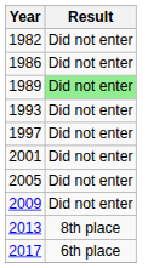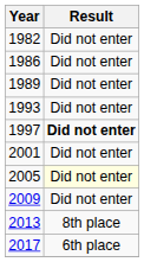 <table class="wikitable"  style="text-align:center;">
 <tr style="background:#cccccc;">
 <th>Year</th>
 <th>Result</th>
 </tr>
 <tr>
 <td> 1982</td>
 <td>Did not enter</td>
 </tr>
 <tr>
 <td> 1986</td>
 <td>Did not enter</td>
 </tr>
 <tr>
 <td> 1989</td>
-<td style="background: lightgreen;">Did not enter</td>
+<td>Did not enter</td>
 </tr>
 <tr>
 <td> 1993</td>
 <td>Did not enter</td>
 </tr>
 <tr>
 <td> 1997</td>
-<td>Did not enter</td>
+<td><strong>Did not enter</strong></td>
 </tr>
 <tr>
 <td> 2001</td>
 <td>Did not enter</td>
 </tr>
 <tr>
 <td> 2005</td>
-<td>Did not enter</td>
+<td style="background: lightyellow;">Did not enter</td>
 </tr>
 <tr>
 <td> <a href='#'>2009</a></td>
 <td>Did not enter</td>
 </tr>
 <tr>
 <td> <a href='#'>2013</a></td>
 <td>8th place</td>
 </tr>
 <tr>
 <td><a href='#'>2017</a></td>
 <td>6th place</td>
 </tr>
 <tr>
 </tr>
 </table>
